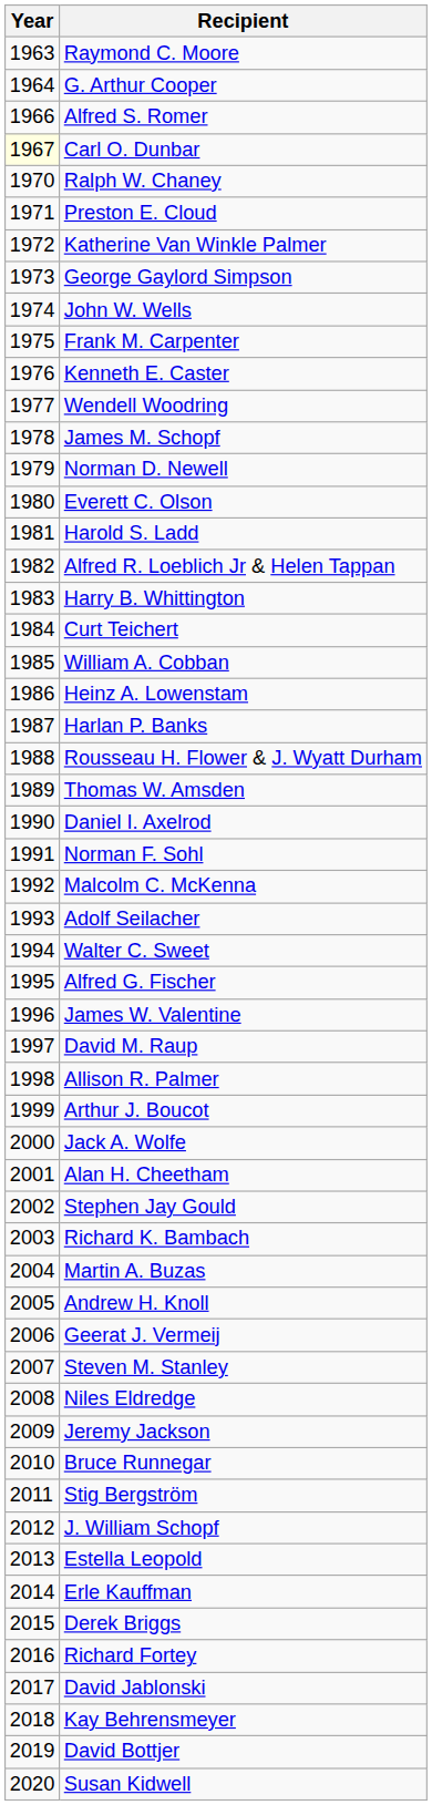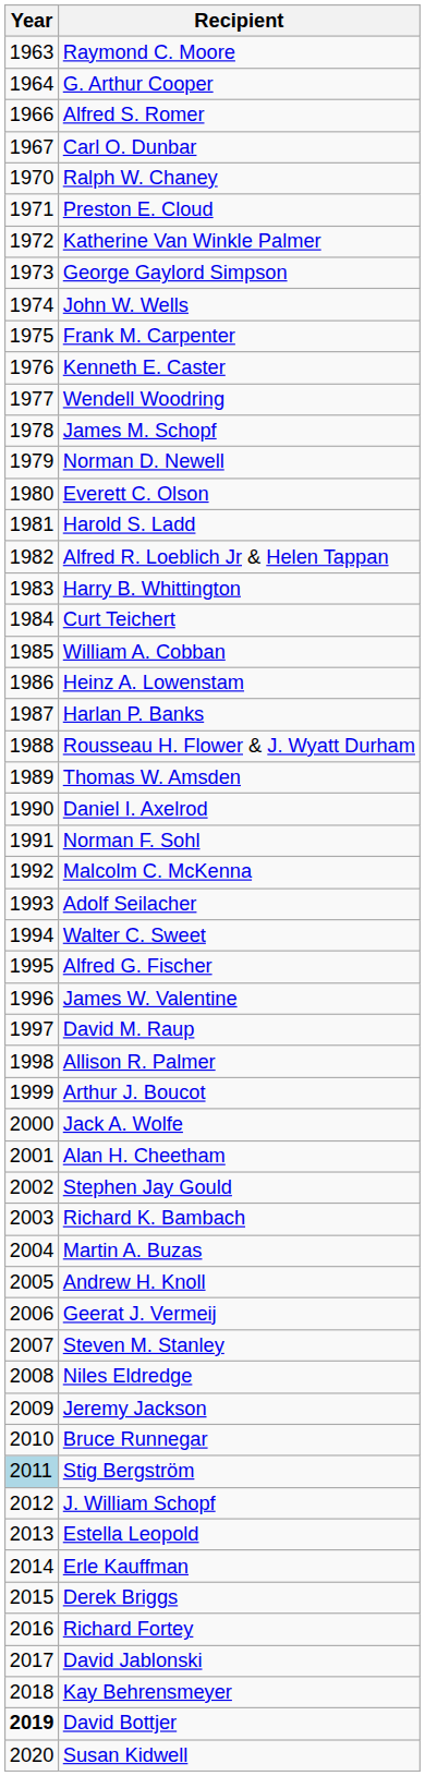 <table class="wikitable">
 <tr>
 <th>Year</th>
 <th>Recipient</th>
 </tr>
 <tr>
 <td>1963</td>
 <td><a href='#'>Raymond C. Moore</a></td>
 </tr>
 <tr>
 <td>1964</td>
 <td><a href='#'>G. Arthur Cooper</a></td>
 </tr>
 <tr>
 <td>1966</td>
 <td><a href='#'>Alfred S. Romer</a></td>
 </tr>
 <tr>
-<td style="background: lightyellow;">1967</td>
+<td>1967</td>
 <td><a href='#'>Carl O. Dunbar</a></td>
 </tr>
 <tr>
 <td>1970</td>
 <td><a href='#'>Ralph W. Chaney</a></td>
 </tr>
 <tr>
 <td>1971</td>
 <td><a href='#'>Preston E. Cloud</a></td>
 </tr>
 <tr>
 <td>1972</td>
 <td><a href='#'>Katherine Van Winkle Palmer</a></td>
 </tr>
 <tr>
 <td>1973</td>
 <td><a href='#'>George Gaylord Simpson</a></td>
 </tr>
 <tr>
 <td>1974</td>
 <td><a href='#'>John W. Wells</a></td>
 </tr>
 <tr>
 <td>1975</td>
 <td><a href='#'>Frank M. Carpenter</a></td>
 </tr>
 <tr>
 <td>1976</td>
 <td><a href='#'>Kenneth E. Caster</a></td>
 </tr>
 <tr>
 <td>1977</td>
 <td><a href='#'>Wendell Woodring</a></td>
 </tr>
 <tr>
 <td>1978</td>
 <td><a href='#'>James M. Schopf</a></td>
 </tr>
 <tr>
 <td>1979</td>
 <td><a href='#'>Norman D. Newell</a></td>
 </tr>
 <tr>
 <td>1980</td>
 <td><a href='#'>Everett C. Olson</a></td>
 </tr>
 <tr>
 <td>1981</td>
 <td><a href='#'>Harold S. Ladd</a></td>
 </tr>
 <tr>
 <td>1982</td>
 <td><a href='#'>Alfred R. Loeblich Jr</a> & <a href='#'>Helen Tappan</a></td>
 </tr>
 <tr>
 <td>1983</td>
 <td><a href='#'>Harry B. Whittington</a></td>
 </tr>
 <tr>
 <td>1984</td>
 <td><a href='#'>Curt Teichert</a></td>
 </tr>
 <tr>
 <td>1985</td>
 <td><a href='#'>William A. Cobban</a></td>
 </tr>
 <tr>
 <td>1986</td>
 <td><a href='#'>Heinz A. Lowenstam</a></td>
 </tr>
 <tr>
 <td>1987</td>
 <td><a href='#'>Harlan P. Banks</a></td>
 </tr>
 <tr>
 <td>1988</td>
 <td><a href='#'>Rousseau H. Flower</a> & <a href='#'>J. Wyatt Durham</a></td>
 </tr>
 <tr>
 <td>1989</td>
 <td><a href='#'>Thomas W. Amsden</a></td>
 </tr>
 <tr>
 <td>1990</td>
 <td><a href='#'>Daniel I. Axelrod</a></td>
 </tr>
 <tr>
 <td>1991</td>
 <td><a href='#'>Norman F. Sohl</a></td>
 </tr>
 <tr>
 <td>1992</td>
 <td><a href='#'>Malcolm C. McKenna</a></td>
 </tr>
 <tr>
 <td>1993</td>
 <td><a href='#'>Adolf Seilacher</a></td>
 </tr>
 <tr>
 <td>1994</td>
 <td><a href='#'>Walter C. Sweet</a></td>
 </tr>
 <tr>
 <td>1995</td>
 <td><a href='#'>Alfred G. Fischer</a></td>
 </tr>
 <tr>
 <td>1996</td>
 <td><a href='#'>James W. Valentine</a></td>
 </tr>
 <tr>
 <td>1997</td>
 <td><a href='#'>David M. Raup</a></td>
 </tr>
 <tr>
 <td>1998</td>
 <td><a href='#'>Allison R. Palmer</a></td>
 </tr>
 <tr>
 <td>1999</td>
 <td><a href='#'>Arthur J. Boucot</a></td>
 </tr>
 <tr>
 <td>2000</td>
 <td><a href='#'>Jack A. Wolfe</a></td>
 </tr>
 <tr>
 <td>2001</td>
 <td><a href='#'>Alan H. Cheetham</a></td>
 </tr>
 <tr>
 <td>2002</td>
 <td><a href='#'>Stephen Jay Gould</a></td>
 </tr>
 <tr>
 <td>2003</td>
 <td><a href='#'>Richard K. Bambach</a></td>
 </tr>
 <tr>
 <td>2004</td>
 <td><a href='#'>Martin A. Buzas</a></td>
 </tr>
 <tr>
 <td>2005</td>
 <td><a href='#'>Andrew H. Knoll</a></td>
 </tr>
 <tr>
 <td>2006</td>
 <td><a href='#'>Geerat J. Vermeij</a></td>
 </tr>
 <tr>
 <td>2007</td>
 <td><a href='#'>Steven M. Stanley</a></td>
 </tr>
 <tr>
 <td>2008</td>
 <td><a href='#'>Niles Eldredge</a></td>
 </tr>
 <tr>
 <td>2009</td>
 <td><a href='#'>Jeremy Jackson</a></td>
 </tr>
 <tr>
 <td>2010</td>
 <td><a href='#'>Bruce Runnegar</a></td>
 </tr>
 <tr>
-<td>2011</td>
+<td style="background: lightblue;">2011</td>
 <td><a href='#'>Stig Bergström</a></td>
 </tr>
 <tr>
 <td>2012</td>
 <td><a href='#'>J. William Schopf</a></td>
 </tr>
 <tr>
 <td>2013</td>
 <td><a href='#'>Estella Leopold</a></td>
 </tr>
 <tr>
 <td>2014</td>
 <td><a href='#'>Erle Kauffman</a></td>
 </tr>
 <tr>
 <td>2015</td>
 <td><a href='#'>Derek Briggs</a></td>
 </tr>
 <tr>
 <td>2016</td>
 <td><a href='#'>Richard Fortey</a></td>
 </tr>
 <tr>
 <td>2017</td>
 <td><a href='#'>David Jablonski</a></td>
 </tr>
 <tr>
 <td>2018</td>
 <td><a href='#'>Kay Behrensmeyer</a></td>
 </tr>
 <tr>
-<td>2019</td>
+<td><strong>2019</strong></td>
 <td><a href='#'>David Bottjer</a></td>
 </tr>
 <tr>
 <td>2020</td>
 <td><a href='#'>Susan Kidwell</a></td>
 </tr>
 </table>
